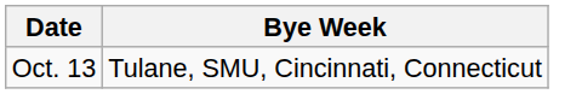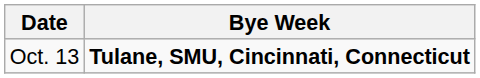 <table class="wikitable" style="font-size:95%;">
 <tr>
 <th>Date</th>
 <th>Bye Week</th>
 </tr>
 <tr>
 <td>Oct. 13</td>
-<td>Tulane, SMU, Cincinnati, Connecticut</td>
+<td><strong>Tulane, SMU, Cincinnati, Connecticut</strong></td>
 </tr>
 </table>
